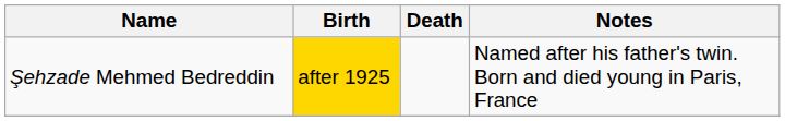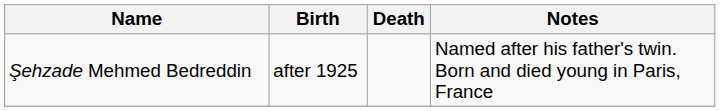 <table class="wikitable">
 <tr>
 <th>Name</th>
 <th>Birth</th>
 <th>Death</th>
 <th style="width:40%;">Notes</th>
 </tr>
 <tr>
 <td><em>Şehzade</em> Mehmed Bedreddin</td>
-<td style="background: gold;">after 1925</td>
+<td>after 1925</td>
 <td></td>
 <td>Named after his father's twin. Born and died young in Paris, France</td>
 </tr>
 <tr>
 </tr>
 </table>
